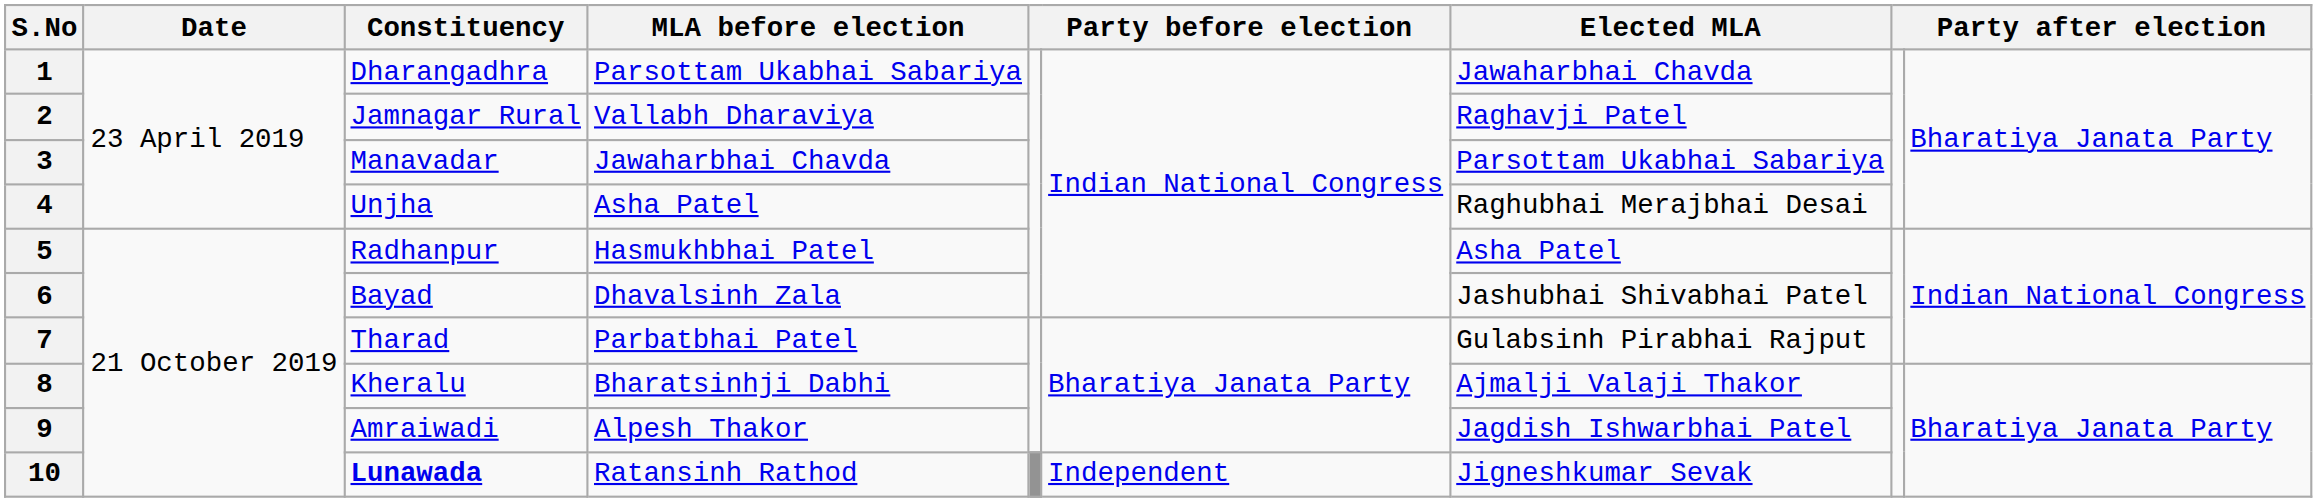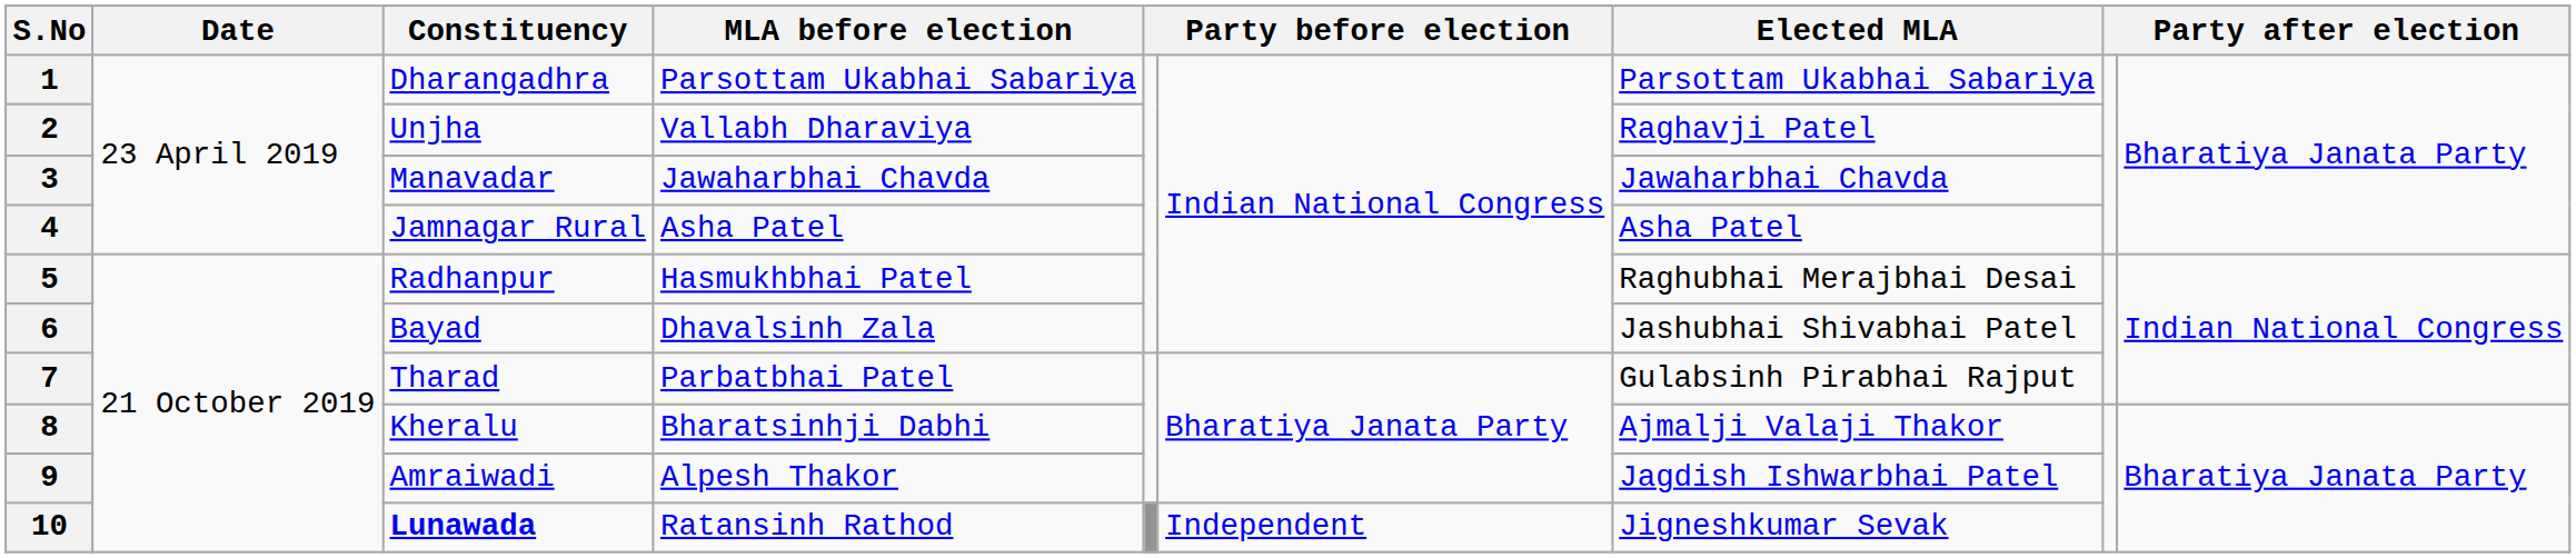 <table class="wikitable sortable">
 <tr>
 <th>S.No</th>
 <th>Date</th>
 <th>Constituency</th>
 <th>MLA before election</th>
 <th colspan="2">Party before election</th>
 <th>Elected MLA</th>
 <th colspan="2">Party after election</th>
 </tr>
 <tr>
 <th>1</th>
 <td rowspan="4">23 April 2019</td>
 <td><a href='#'>Dharangadhra</a></td>
 <td><a href='#'>Parsottam Ukabhai Sabariya</a></td>
 <td rowspan="6"></td>
 <td rowspan="6"><a href='#'>Indian National Congress</a></td>
-<td><a href='#'>Jawaharbhai Chavda</a></td>
+<td><a href='#'>Parsottam Ukabhai Sabariya</a></td>
 <td rowspan="4"></td>
 <td rowspan="4"><a href='#'>Bharatiya Janata Party</a></td>
 </tr>
 <tr>
 <th>2</th>
-<td><a href='#'>Jamnagar Rural</a></td>
+<td><a href='#'>Unjha</a></td>
 <td><a href='#'>Vallabh Dharaviya</a></td>
 <td><a href='#'>Raghavji Patel</a></td>
 </tr>
 <tr>
 <th>3</th>
 <td><a href='#'>Manavadar</a></td>
 <td><a href='#'>Jawaharbhai Chavda</a></td>
-<td><a href='#'>Parsottam Ukabhai Sabariya</a></td>
+<td><a href='#'>Jawaharbhai Chavda</a></td>
 </tr>
 <tr>
 <th>4</th>
-<td><a href='#'>Unjha</a></td>
+<td><a href='#'>Jamnagar Rural</a></td>
 <td><a href='#'>Asha Patel</a></td>
-<td>Raghubhai Merajbhai Desai</td>
+<td><a href='#'>Asha Patel</a></td>
 </tr>
 <tr>
 <th>5</th>
 <td rowspan="6">21 October 2019</td>
 <td><a href='#'>Radhanpur</a></td>
 <td><a href='#'>Hasmukhbhai Patel</a></td>
-<td><a href='#'>Asha Patel</a></td>
+<td>Raghubhai Merajbhai Desai</td>
 <td rowspan="3"></td>
 <td rowspan="3"><a href='#'>Indian National Congress</a></td>
 </tr>
 <tr>
 <th>6</th>
 <td><a href='#'>Bayad</a></td>
 <td><a href='#'>Dhavalsinh Zala</a></td>
 <td>Jashubhai Shivabhai Patel</td>
 </tr>
 <tr>
 <th>7</th>
 <td><a href='#'>Tharad</a></td>
 <td><a href='#'>Parbatbhai Patel</a></td>
 <td rowspan="3"></td>
 <td rowspan="3"><a href='#'>Bharatiya Janata Party</a></td>
 <td>Gulabsinh Pirabhai Rajput</td>
 </tr>
 <tr>
 <th>8</th>
 <td><a href='#'>Kheralu</a></td>
 <td><a href='#'>Bharatsinhji Dabhi</a></td>
 <td><a href='#'>Ajmalji Valaji Thakor</a></td>
 <td rowspan="3"></td>
 <td rowspan="3"><a href='#'>Bharatiya Janata Party</a></td>
 </tr>
 <tr>
 <th>9</th>
 <td><a href='#'>Amraiwadi</a></td>
 <td><a href='#'>Alpesh Thakor</a></td>
 <td><a href='#'>Jagdish Ishwarbhai Patel</a></td>
 </tr>
 <tr>
 <th>10</th>
 <td><strong><a href='#'>Lunawada</a></strong></td>
 <td><a href='#'>Ratansinh Rathod</a></td>
 <td bgcolor=#939393></td>
 <td><a href='#'>Independent</a></td>
 <td><a href='#'>Jigneshkumar Sevak</a></td>
 </tr>
 </table>
